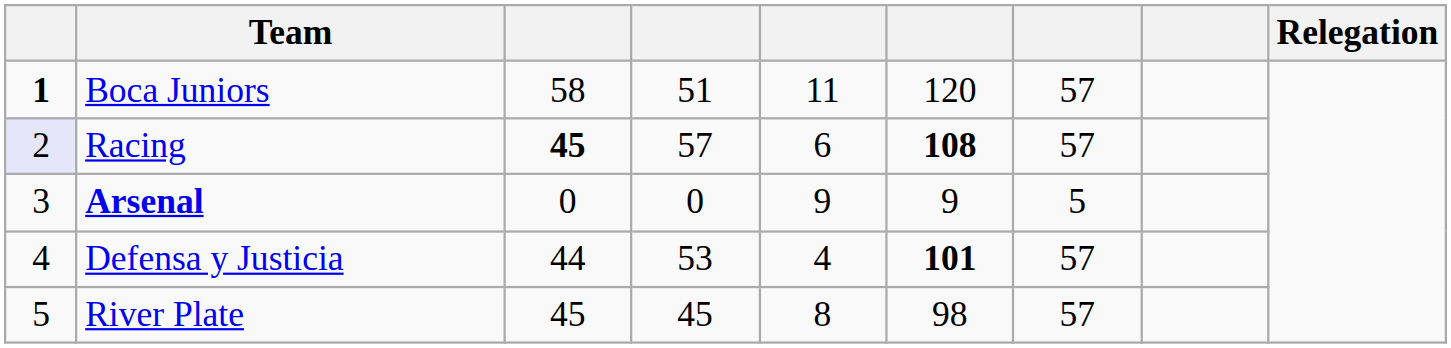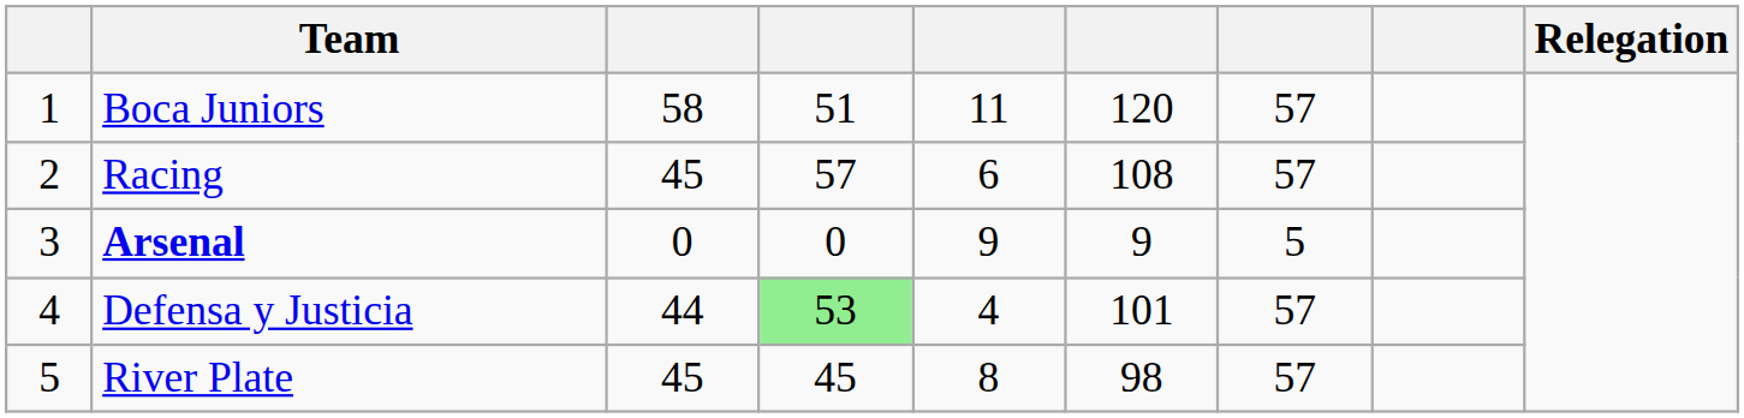 <table class="wikitable sortable" style="text-align: center;">
 <tr>
 <th width=25></th>
 <th width=185>Team</th>
 <th width=50></th>
 <th width=50></th>
 <th width=50></th>
 <th width=50></th>
 <th width=50></th>
 <th width=50></th>
 <th>Relegation</th>
 </tr>
 <tr>
-<td><strong>1</strong></td>
+<td>1</td>
 <td align="left"><a href='#'>Boca Juniors</a></td>
 <td>58</td>
 <td>51</td>
 <td>11</td>
 <td>120</td>
 <td>57</td>
 <td><strong></strong></td>
 <td rowspan=21></td>
 </tr>
 <tr>
-<td style="background: lavender;">2</td>
+<td>2</td>
 <td align="left"><a href='#'>Racing</a></td>
-<td><strong>45</strong></td>
+<td>45</td>
 <td>57</td>
 <td>6</td>
-<td><strong>108</strong></td>
+<td>108</td>
 <td>57</td>
 <td><strong></strong></td>
 </tr>
 <tr>
 <td>3</td>
 <td align="left"><strong><a href='#'>Arsenal</a></strong></td>
 <td>0</td>
 <td>0</td>
 <td>9</td>
 <td>9</td>
 <td>5</td>
 <td><strong></strong></td>
 </tr>
 <tr>
 <td>4</td>
 <td align="left"><a href='#'>Defensa y Justicia</a></td>
 <td>44</td>
-<td>53</td>
+<td style="background: lightgreen;">53</td>
 <td>4</td>
-<td><strong>101</strong></td>
+<td>101</td>
 <td>57</td>
 <td><strong></strong></td>
 </tr>
 <tr>
 <td>5</td>
 <td align="left"><a href='#'>River Plate</a></td>
 <td>45</td>
 <td>45</td>
 <td>8</td>
 <td>98</td>
 <td>57</td>
 <td><strong></strong></td>
 </tr>
 </table>
